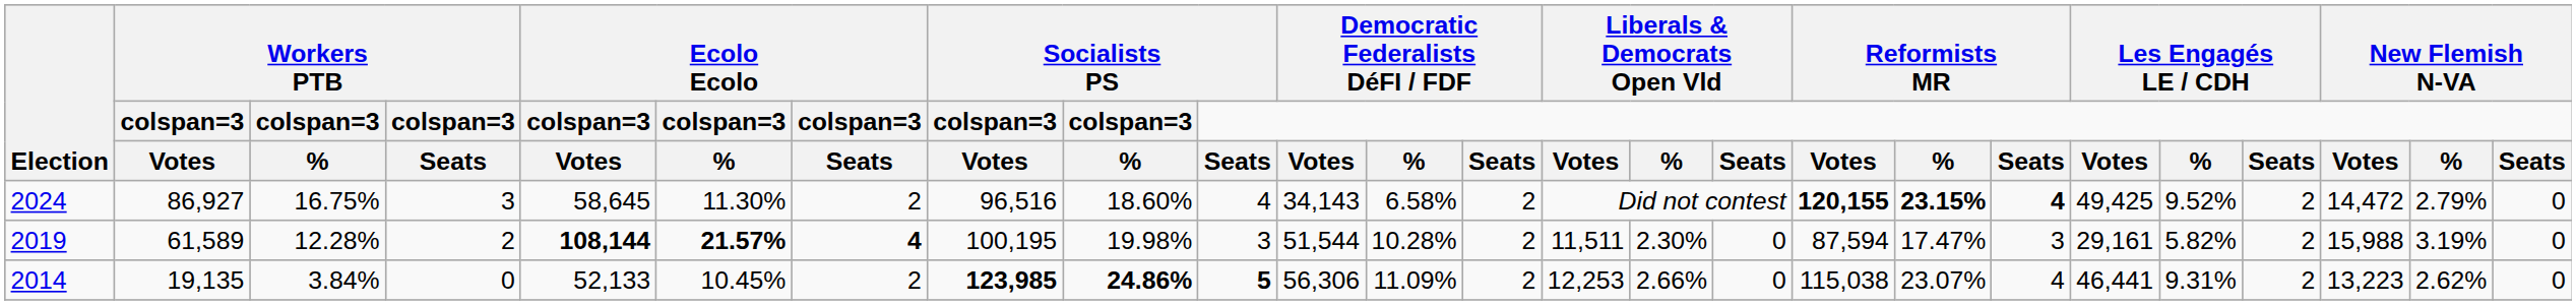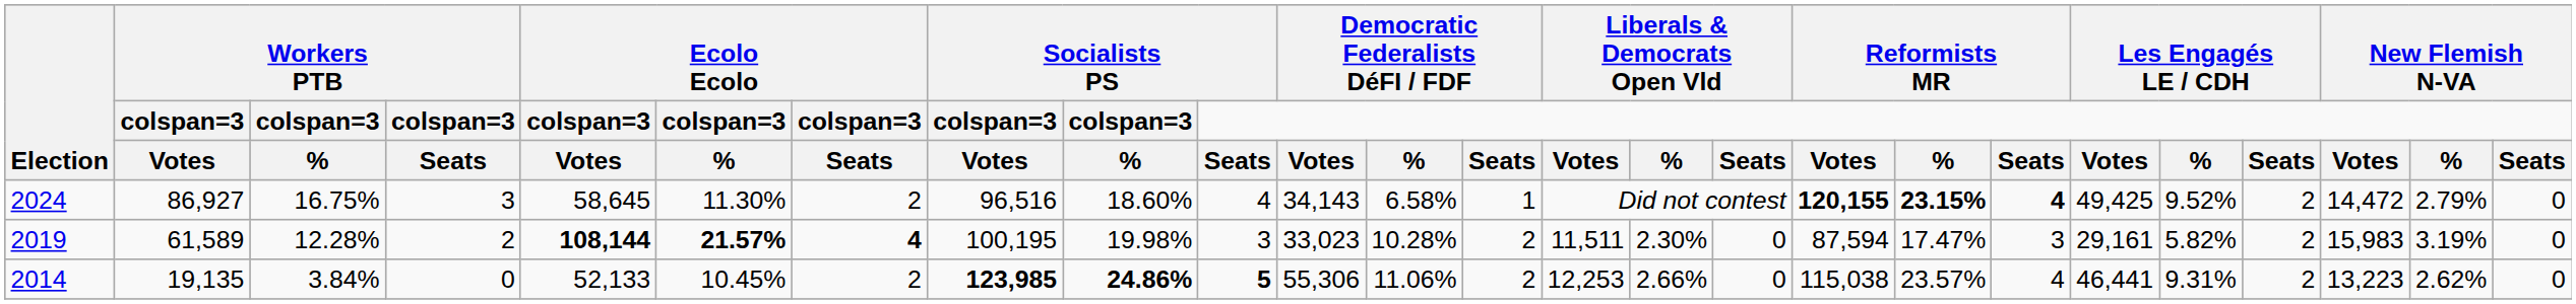 <table class="wikitable" border="1" style="font-size:95%; text-align:right;">
 <tr>
 <th style="text-align:left;" valign=bottom rowspan=3>Election</th>
 <th valign=bottom colspan=3><a href='#'>Workers</a><br>PTB</th>
 <th valign=bottom colspan=3><a href='#'>Ecolo</a><br>Ecolo</th>
 <th valign=bottom colspan=3><a href='#'>Socialists</a><br>PS</th>
 <th valign=bottom colspan=3><a href='#'>Democratic Federalists</a><br>DéFI / FDF</th>
 <th valign=bottom colspan=3><a href='#'>Liberals & Democrats</a><br>Open Vld</th>
 <th valign=bottom colspan=3><a href='#'>Reformists</a><br>MR</th>
 <th valign=bottom colspan=3><a href='#'>Les Engagés</a><br>LE / CDH</th>
 <th valign=bottom colspan=3><a href='#'>New Flemish</a><br>N-VA</th>
 </tr>
 <tr>
 <th>colspan=3 </th>
 <th>colspan=3 </th>
 <th>colspan=3 </th>
 <th>colspan=3 </th>
 <th>colspan=3 </th>
 <th>colspan=3 </th>
 <th>colspan=3 </th>
 <th>colspan=3 </th>
 </tr>
 <tr>
 <th>Votes</th>
 <th>%</th>
 <th>Seats</th>
 <th>Votes</th>
 <th>%</th>
 <th>Seats</th>
 <th>Votes</th>
 <th>%</th>
 <th>Seats</th>
 <th>Votes</th>
 <th>%</th>
 <th>Seats</th>
 <th>Votes</th>
 <th>%</th>
 <th>Seats</th>
 <th>Votes</th>
 <th>%</th>
 <th>Seats</th>
 <th>Votes</th>
 <th>%</th>
 <th>Seats</th>
 <th>Votes</th>
 <th>%</th>
 <th>Seats</th>
 </tr>
 <tr>
 <td align=left><a href='#'>2024</a></td>
 <td>86,927</td>
 <td>16.75%</td>
 <td>3</td>
 <td>58,645</td>
 <td>11.30%</td>
 <td>2</td>
 <td>96,516</td>
 <td>18.60%</td>
 <td>4</td>
 <td>34,143</td>
 <td>6.58%</td>
-<td>2</td>
+<td>1</td>
 <td colspan=3><em>Did not contest</em></td>
 <td><strong>120,155</strong></td>
 <td><strong>23.15%</strong></td>
 <td><strong>4</strong></td>
 <td>49,425</td>
 <td>9.52%</td>
 <td>2</td>
 <td>14,472</td>
 <td>2.79%</td>
 <td>0</td>
 </tr>
 <tr>
 <td align=left><a href='#'>2019</a></td>
 <td>61,589</td>
 <td>12.28%</td>
 <td>2</td>
 <td><strong>108,144</strong></td>
 <td><strong>21.57%</strong></td>
 <td><strong>4</strong></td>
 <td>100,195</td>
 <td>19.98%</td>
 <td>3</td>
-<td>51,544</td>
+<td>33,023</td>
 <td>10.28%</td>
 <td>2</td>
 <td>11,511</td>
 <td>2.30%</td>
 <td>0</td>
 <td>87,594</td>
 <td>17.47%</td>
 <td>3</td>
 <td>29,161</td>
 <td>5.82%</td>
 <td>2</td>
-<td>15,988</td>
+<td>15,983</td>
 <td>3.19%</td>
 <td>0</td>
 </tr>
 <tr>
 <td align=left><a href='#'>2014</a></td>
 <td>19,135</td>
 <td>3.84%</td>
 <td>0</td>
 <td>52,133</td>
 <td>10.45%</td>
 <td>2</td>
 <td><strong>123,985</strong></td>
 <td><strong>24.86%</strong></td>
 <td><strong>5</strong></td>
-<td>56,306</td>
-<td>11.09%</td>
+<td>55,306</td>
+<td>11.06%</td>
 <td>2</td>
 <td>12,253</td>
 <td>2.66%</td>
 <td>0</td>
 <td>115,038</td>
-<td>23.07%</td>
+<td>23.57%</td>
 <td>4</td>
 <td>46,441</td>
 <td>9.31%</td>
 <td>2</td>
 <td>13,223</td>
 <td>2.62%</td>
 <td>0</td>
 </tr>
 </table>
